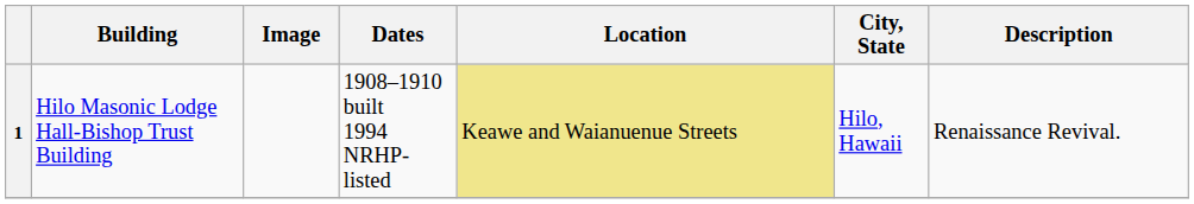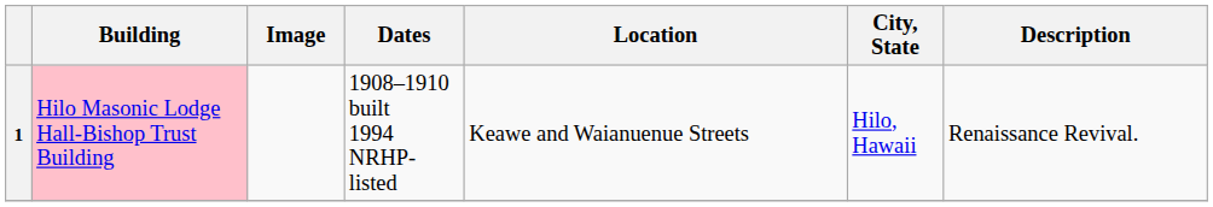 <table class="wikitable sortable" style="width:98%">
 <tr>
 <th></th>
 <th width = 18%><strong>Building</strong></th>
 <th width = 8% class="unsortable"><strong>Image</strong></th>
 <th width = 10%><strong>Dates</strong></th>
 <th><strong>Location</strong></th>
 <th width = 8%><strong>City, State</strong></th>
 <th class="unsortable"><strong>Description</strong></th>
 </tr>
 <tr ->
 <th><small>1</small></th>
-<td><a href='#'>Hilo Masonic Lodge Hall-Bishop Trust Building</a></td>
+<td style="background: pink;"><a href='#'>Hilo Masonic Lodge Hall-Bishop Trust Building</a></td>
 <td></td>
 <td>1908–1910 built<br>1994 NRHP-listed</td>
-<td style="background: khaki;">Keawe and Waianuenue Streets<br><small></small></td>
+<td>Keawe and Waianuenue Streets<br><small></small></td>
 <td><a href='#'>Hilo, Hawaii</a></td>
 <td>Renaissance Revival.</td>
 </tr>
 <tr ->
 </tr>
 </table>
